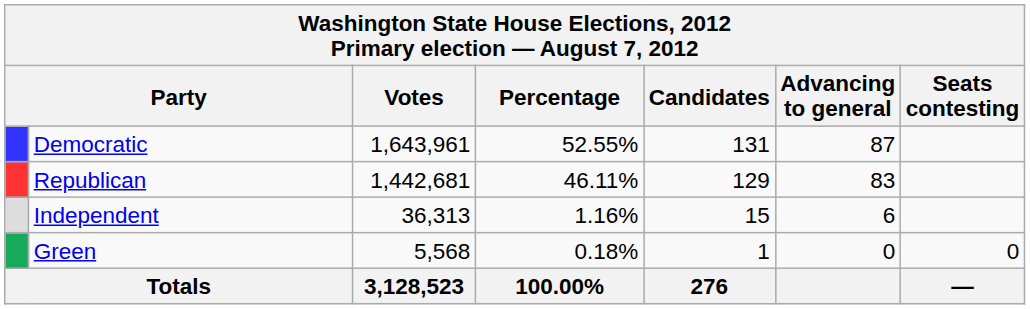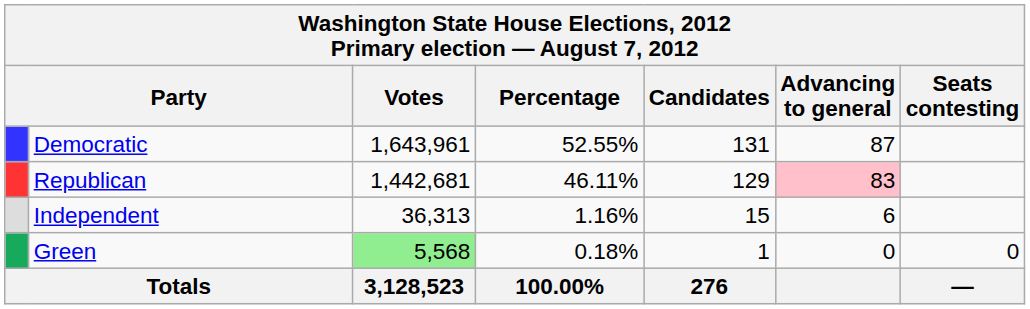 <table class="wikitable" style="font-size: 95%;">
 <tr>
 <th colspan="7">Washington State House Elections, 2012<br>Primary election — August 7, 2012</th>
 </tr>
 <tr>
 <th colspan="2" style="width: 15em">Party</th>
 <th style="width: 5em">Votes</th>
 <th style="width: 7em">Percentage</th>
 <th style="width: 5em">Candidates</th>
 <th style="width: 5em">Advancing to general</th>
 <th style="width: 5em">Seats contesting</th>
 </tr>
 <tr>
 <th style="background-color:#33F; width: 3px"></th>
 <td style="width: 130px"><a href='#'>Democratic</a></td>
 <td align="right">1,643,961</td>
 <td align="right">52.55%</td>
 <td align="right">131</td>
 <td align="right">87</td>
 <td align="right"></td>
 </tr>
 <tr>
 <th style="background-color:#F33; width: 3px"></th>
 <td style="width: 130px"><a href='#'>Republican</a></td>
 <td align="right">1,442,681</td>
 <td align="right">46.11%</td>
 <td align="right">129</td>
-<td align="right">83</td>
+<td align="right" style="background: pink;">83</td>
 <td align="right"></td>
 </tr>
 <tr>
 <th style="background-color:#DDDDDD; width: 3px"></th>
 <td style="width: 130px"><a href='#'>Independent</a></td>
 <td align="right">36,313</td>
 <td align="right">1.16%</td>
 <td align="right">15</td>
 <td align="right">6</td>
 <td align="right"></td>
 </tr>
 <tr>
 <th style="background-color:#17AA5C ; width: 3px"></th>
 <td style="width: 130px"><a href='#'>Green</a></td>
-<td align="right">5,568</td>
+<td align="right" style="background: lightgreen;">5,568</td>
 <td align="right">0.18%</td>
 <td align="right">1</td>
 <td align="right">0</td>
 <td align="right">0</td>
 </tr>
 <tr bgcolor="#EEEEEE">
 <th colspan="2" align="right">Totals</th>
 <th align="right">3,128,523</th>
 <th align="right">100.00%</th>
 <th align="right">276</th>
 <th align="right"></th>
 <th align="right">—</th>
 </tr>
 </table>
